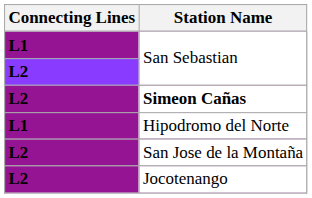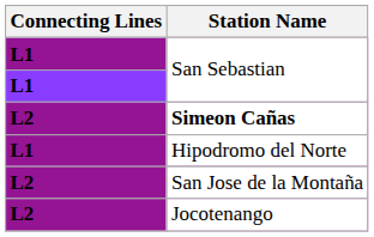 <table class="wikitable">
 <tr>
 <th>Connecting Lines</th>
 <th>Station Name</th>
 </tr>
 <tr style="background-color:#941494;">
 <td><strong>L1</strong></td>
 <td rowspan="2" style="background-color:white;">San Sebastian</td>
 </tr>
 <tr style="background-color:#893BFF;">
-<td><strong>L2</strong></td>
+<td><strong>L1</strong></td>
 </tr>
 <tr style="background-color:#941494;">
 <td><strong>L2</strong></td>
 <td style="background-color:white;" rowspan="1"><strong>Simeon Cañas</strong></td>
 </tr>
 <tr style="background-color:#941494;">
 <td><strong>L1</strong></td>
 <td style="background-color:white;" rowspan="1">Hipodromo del Norte</td>
 </tr>
 <tr style="background-color:#941494;">
 <td><strong>L2</strong></td>
 <td style="background-color:white;" rowspan="1">San Jose de la Montaña</td>
 </tr>
 <tr style="background-color:#941494;">
 <td><strong>L2</strong></td>
 <td style="background-color:white;" rowspan="1">Jocotenango</td>
 </tr>
 </table>
